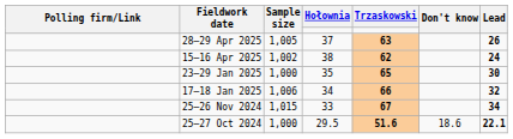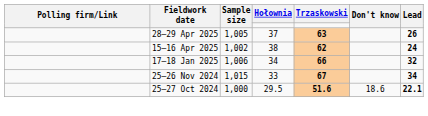 <table class="wikitable" style="text-align:center; font-size:85%; line-height:14px;">
 <tr>
 <th rowspan="2" style="width:200px;">Polling firm/Link</th>
 <th rowspan="2" data-sort-type="date">Fieldwork<br>date</th>
 <th rowspan="2" style="width:20px;">Sample<br>size</th>
 <th><a href='#'>Hołownia</a><br></th>
 <th><a href='#'>Trzaskowski</a><br></th>
 <th rowspan="2">Don't know</th>
 <th rowspan="2">Lead</th>
 </tr>
 <tr>
 <td style="background:"></td>
 <td style="background:"></td>
 </tr>
 <tr>
 <td></td>
 <td data-sort-value="2025-04-29">28–29 Apr 2025</td>
 <td>1,005</td>
 <td>37</td>
 <td style="background:#fbcc99;"><strong>63</strong></td>
 <td></td>
 <td style="background:"><strong>26</strong></td>
 </tr>
 <tr>
 <td></td>
 <td data-sort-value="2025-04-16">15–16 Apr 2025</td>
 <td>1,002</td>
 <td>38</td>
 <td style="background:#fbcc99;"><strong>62</strong></td>
 <td></td>
 <td style="background:"><strong>24</strong></td>
 </tr>
 <tr>
 <td></td>
-<td data-sort-value="2025-01-29">23–29 Jan 2025</td>
-<td>1,000</td>
-<td>35</td>
-<td style="background:#fbcc99;"><strong>65</strong></td>
-<td></td>
-<td style="background:"><strong>30</strong></td>
-</tr>
-<tr>
-<td></td>
 <td data-sort-value="2025-01-18">17–18 Jan 2025</td>
 <td>1,006</td>
 <td>34</td>
 <td style="background:#fbcc99;"><strong>66</strong></td>
 <td></td>
 <td style="background:"><strong>32</strong></td>
 </tr>
 <tr>
 <td></td>
 <td data-sort-value="2024-11-26">25–26 Nov 2024</td>
 <td>1,015</td>
 <td>33</td>
 <td style="background:#fbcc99;"><strong>67</strong></td>
 <td></td>
 <td style="background:"><strong>34</strong></td>
 </tr>
 <tr>
 <td></td>
 <td data-sort-value="2024-10-27">25–27 Oct 2024</td>
 <td>1,000</td>
 <td>29.5</td>
 <td style="background:#fbcc99;"><strong>51.6</strong></td>
 <td>18.6</td>
 <td style="background:"><strong>22.1</strong></td>
 </tr>
 </table>
